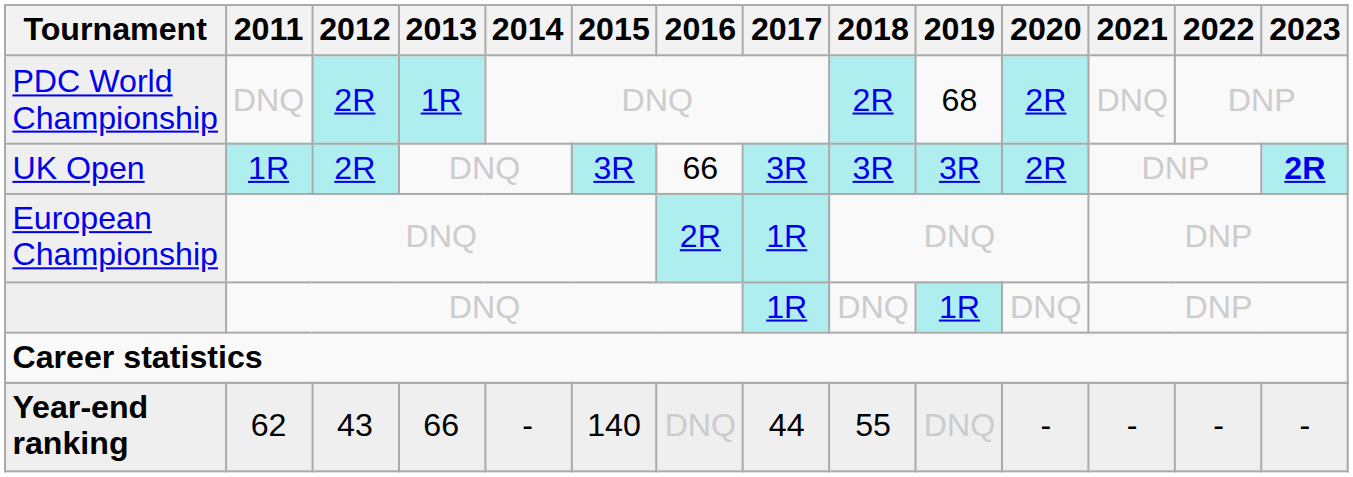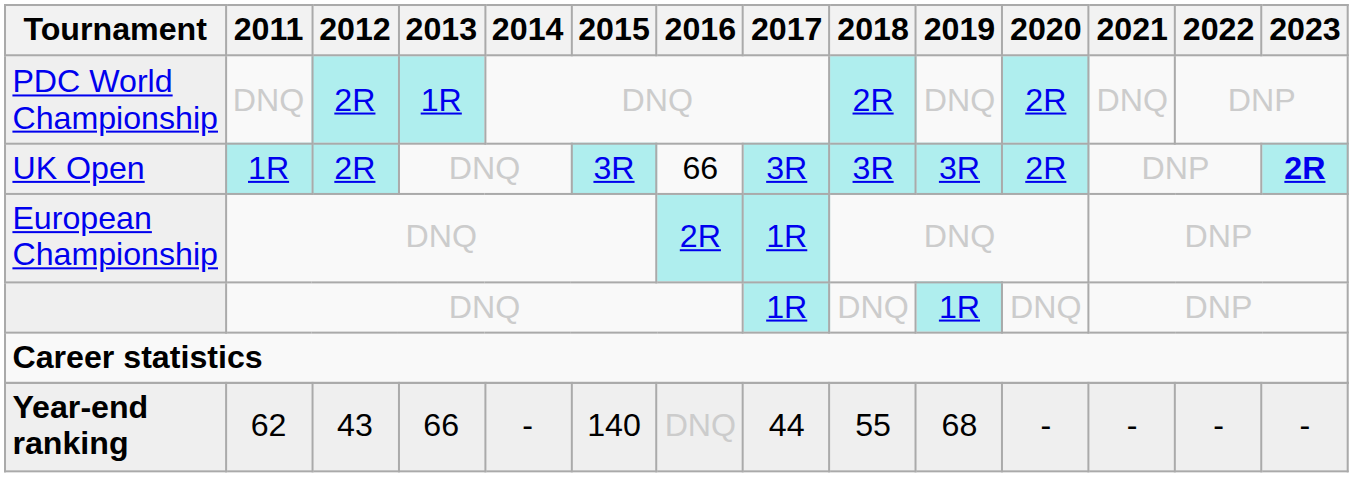 <table class="wikitable" style="width:50%; margin:0">
 <tr>
 <th>Tournament</th>
 <th>2011</th>
 <th>2012</th>
 <th>2013</th>
 <th>2014</th>
 <th>2015</th>
 <th>2016</th>
 <th>2017</th>
 <th>2018</th>
 <th>2019</th>
 <th>2020</th>
 <th>2021</th>
 <th>2022</th>
 <th>2023</th>
 </tr>
 <tr>
 <td style="background:#efefef;"><a href='#'>PDC World Championship</a></td>
 <td style="text-align:center; color:#ccc;">DNQ</td>
 <td style="text-align:center; background:#afeeee;"><a href='#'>2R</a></td>
 <td style="text-align:center; background:#afeeee;"><a href='#'>1R</a></td>
 <td colspan="4" style="text-align:center; color:#ccc;">DNQ</td>
 <td style="text-align:center; background:#afeeee;"><a href='#'>2R</a></td>
-<td style="text-align:center;">68</td>
+<td colspan="1" style="text-align:center; color:#ccc;">DNQ</td>
 <td style="text-align:center; background:#afeeee;"><a href='#'>2R</a></td>
 <td colspan="1" style="text-align:center; color:#ccc;">DNQ</td>
 <td colspan="2" style="text-align:center; color:#ccc;">DNP</td>
 </tr>
 <tr>
 <td style="background:#efefef;"><a href='#'>UK Open</a></td>
 <td style="text-align:center; background:#afeeee;"><a href='#'>1R</a></td>
 <td style="text-align:center; background:#afeeee;"><a href='#'>2R</a></td>
 <td colspan="2" style="text-align:center; color:#ccc;">DNQ</td>
 <td style="text-align:center; background:#afeeee;"><a href='#'>3R</a></td>
 <td style="text-align:center;">66</td>
 <td style="text-align:center; background:#afeeee;"><a href='#'>3R</a></td>
 <td style="text-align:center; background:#afeeee;"><a href='#'>3R</a></td>
 <td style="text-align:center; background:#afeeee;"><a href='#'>3R</a></td>
 <td style="text-align:center; background:#afeeee;"><a href='#'>2R</a></td>
 <td colspan="2" style="text-align:center; color:#ccc;">DNP</td>
 <td style="text-align:center; background:#afeeee;"><strong><a href='#'>2R</a></strong></td>
 </tr>
 <tr>
 <td style="background:#efefef;"><a href='#'>European Championship</a></td>
 <td colspan="5" style="text-align:center; color:#ccc;">DNQ</td>
 <td style="text-align:center; background:#afeeee;"><a href='#'>2R</a></td>
 <td style="text-align:center; background:#afeeee;"><a href='#'>1R</a></td>
 <td colspan="3" style="text-align:center; color:#ccc;">DNQ</td>
 <td colspan="3" style="text-align:center; color:#ccc;">DNP</td>
 </tr>
 <tr>
 <td style="background:#efefef;"></td>
 <td colspan="6" style="text-align:center; color:#ccc;">DNQ</td>
 <td style="text-align:center; background:#afeeee;"><a href='#'>1R</a></td>
 <td style="text-align:center; color:#ccc;">DNQ</td>
 <td style="text-align:center; background:#afeeee;"><a href='#'>1R</a></td>
 <td style="text-align:center; color:#ccc;">DNQ</td>
 <td colspan="3" style="text-align:center; color:#ccc;">DNP</td>
 </tr>
 <tr>
 <td colspan="14" align="left"><strong>Career statistics</strong></td>
 </tr>
 <tr>
 </tr>
 <tr bgcolor="efefef">
 <td align="left"><strong>Year-end ranking</strong></td>
 <td style="text-align:center;">62</td>
 <td style="text-align:center;">43</td>
 <td style="text-align:center;">66</td>
 <td style="text-align:center;">-</td>
 <td style="text-align:center;">140</td>
 <td colspan="1" style="text-align:center; color:#ccc;">DNQ</td>
 <td style="text-align:center;">44</td>
 <td style="text-align:center;">55</td>
-<td colspan="1" style="text-align:center; color:#ccc;">DNQ</td>
+<td style="text-align:center;">68</td>
 <td style="text-align:center;">-</td>
 <td style="text-align:center;">-</td>
 <td style="text-align:center;">-</td>
 <td style="text-align:center;">-</td>
 </tr>
 </table>
